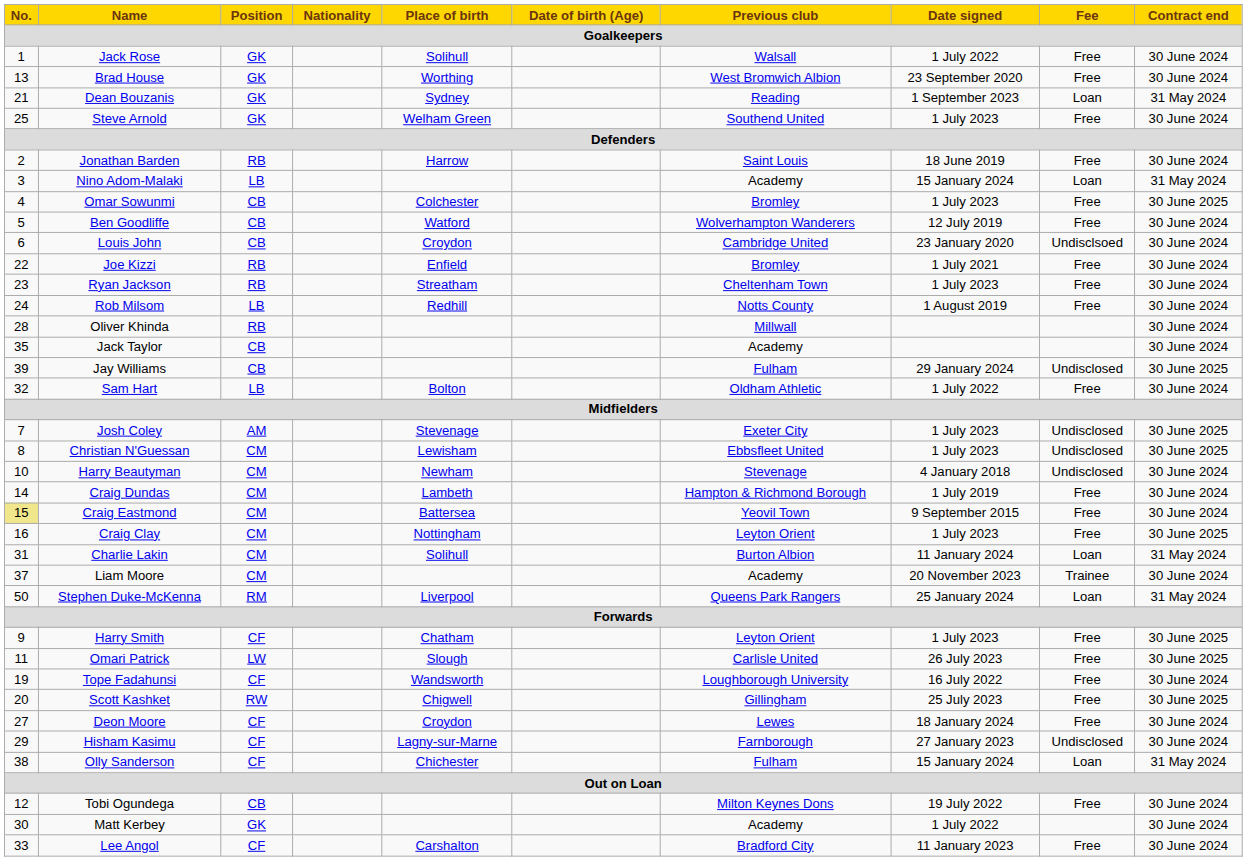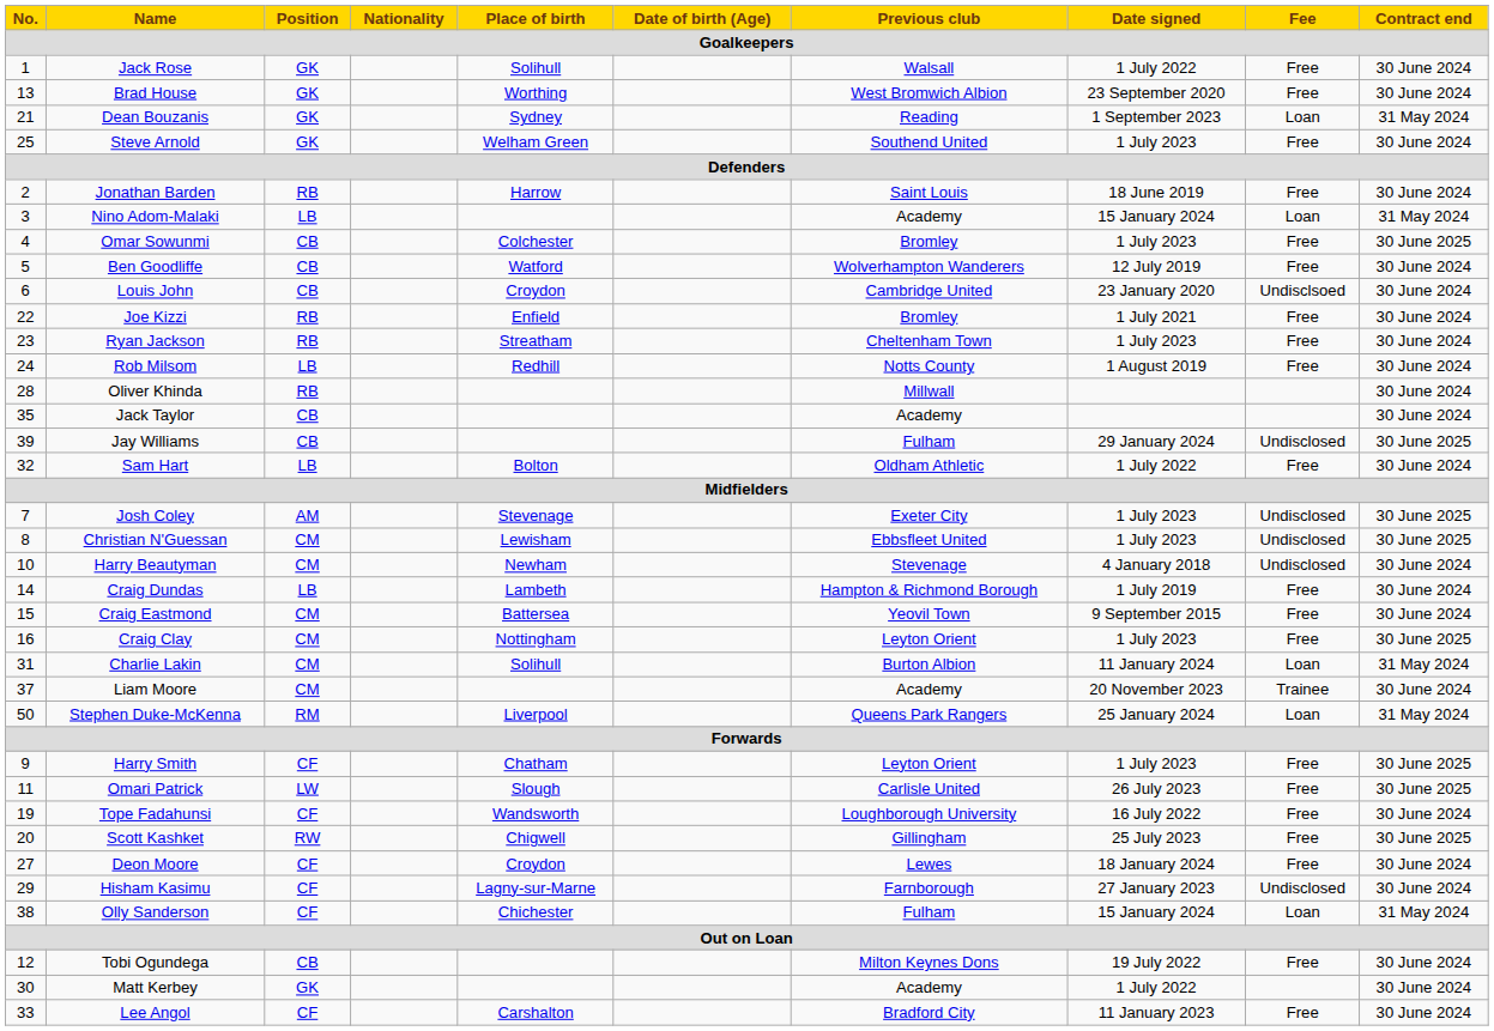 <table class="wikitable" style="text-align:center; font-size:84.5%; width:101%;">
 <tr>
 <th style="background:#FFD700; color:#6A350F; ">No.</th>
 <th style="background:#FFD700; color:#6A350F; ">Name</th>
 <th style="background:#FFD700; color:#6A350F; ">Position</th>
 <th style="background:#FFD700; color:#6A350F; ">Nationality</th>
 <th style="background:#FFD700; color:#6A350F; ">Place of birth</th>
 <th style="background:#FFD700; color:#6A350F; ">Date of birth (Age)</th>
 <th style="background:#FFD700; color:#6A350F; ">Previous club</th>
 <th style="background:#FFD700; color:#6A350F; ">Date signed</th>
 <th style="background:#FFD700; color:#6A350F; ">Fee</th>
 <th style="background:#FFD700; color:#6A350F; ">Contract end</th>
 </tr>
 <tr>
 <th colspan="14" style="background:#dcdcdc; tepxt-align:center;">Goalkeepers</th>
 </tr>
 <tr>
 <td>1</td>
 <td><a href='#'>Jack Rose</a></td>
 <td><a href='#'>GK</a></td>
 <td></td>
 <td><a href='#'>Solihull</a></td>
 <td></td>
 <td><a href='#'>Walsall</a></td>
 <td>1 July 2022</td>
 <td>Free</td>
 <td>30 June 2024</td>
 </tr>
 <tr>
 <td>13</td>
 <td><a href='#'>Brad House</a></td>
 <td><a href='#'>GK</a></td>
 <td></td>
 <td><a href='#'>Worthing</a></td>
 <td></td>
 <td><a href='#'>West Bromwich Albion</a></td>
 <td>23 September 2020</td>
 <td>Free</td>
 <td>30 June 2024</td>
 </tr>
 <tr>
 <td>21</td>
 <td><a href='#'>Dean Bouzanis</a></td>
 <td><a href='#'>GK</a></td>
 <td></td>
 <td><a href='#'>Sydney</a></td>
 <td></td>
 <td><a href='#'>Reading</a></td>
 <td>1 September 2023</td>
 <td>Loan</td>
 <td>31 May 2024</td>
 </tr>
 <tr>
 <td>25</td>
 <td><a href='#'>Steve Arnold</a></td>
 <td><a href='#'>GK</a></td>
 <td></td>
 <td><a href='#'>Welham Green</a></td>
 <td></td>
 <td><a href='#'>Southend United</a></td>
 <td>1 July 2023</td>
 <td>Free</td>
 <td>30 June 2024</td>
 </tr>
 <tr>
 <th colspan="14" style="background:#dcdcdc; tepxt-align:center;">Defenders</th>
 </tr>
 <tr>
 <td>2</td>
 <td><a href='#'>Jonathan Barden</a></td>
 <td><a href='#'>RB</a></td>
 <td></td>
 <td><a href='#'>Harrow</a></td>
 <td></td>
 <td> <a href='#'>Saint Louis</a></td>
 <td>18 June 2019</td>
 <td>Free</td>
 <td>30 June 2024</td>
 </tr>
 <tr>
 <td>3</td>
 <td><a href='#'>Nino Adom-Malaki</a></td>
 <td><a href='#'>LB</a></td>
 <td></td>
 <td></td>
 <td></td>
 <td>Academy</td>
 <td>15 January 2024</td>
 <td>Loan</td>
 <td>31 May 2024</td>
 </tr>
 <tr>
 <td>4</td>
 <td><a href='#'>Omar Sowunmi</a></td>
 <td><a href='#'>CB</a></td>
 <td></td>
 <td><a href='#'>Colchester</a></td>
 <td></td>
 <td><a href='#'>Bromley</a></td>
 <td>1 July 2023</td>
 <td>Free</td>
 <td>30 June 2025</td>
 </tr>
 <tr>
 <td>5</td>
 <td><a href='#'>Ben Goodliffe</a></td>
 <td><a href='#'>CB</a></td>
 <td></td>
 <td><a href='#'>Watford</a></td>
 <td></td>
 <td><a href='#'>Wolverhampton Wanderers</a></td>
 <td>12 July 2019</td>
 <td>Free</td>
 <td>30 June 2024</td>
 </tr>
 <tr>
 <td>6</td>
 <td><a href='#'>Louis John</a></td>
 <td><a href='#'>CB</a></td>
 <td></td>
 <td><a href='#'>Croydon</a></td>
 <td></td>
 <td><a href='#'>Cambridge United</a></td>
 <td>23 January 2020</td>
 <td>Undisclsoed</td>
 <td>30 June 2024</td>
 </tr>
 <tr>
 <td>22</td>
 <td><a href='#'>Joe Kizzi</a></td>
 <td><a href='#'>RB</a></td>
 <td></td>
 <td><a href='#'>Enfield</a></td>
 <td></td>
 <td><a href='#'>Bromley</a></td>
 <td>1 July 2021</td>
 <td>Free</td>
 <td>30 June 2024</td>
 </tr>
 <tr>
 <td>23</td>
 <td><a href='#'>Ryan Jackson</a></td>
 <td><a href='#'>RB</a></td>
 <td></td>
 <td><a href='#'>Streatham</a></td>
 <td></td>
 <td><a href='#'>Cheltenham Town</a></td>
 <td>1 July 2023</td>
 <td>Free</td>
 <td>30 June 2024</td>
 </tr>
 <tr>
 <td>24</td>
 <td><a href='#'>Rob Milsom</a></td>
 <td><a href='#'>LB</a></td>
 <td></td>
 <td><a href='#'>Redhill</a></td>
 <td></td>
 <td><a href='#'>Notts County</a></td>
 <td>1 August 2019</td>
 <td>Free</td>
 <td>30 June 2024</td>
 </tr>
 <tr>
 <td>28</td>
 <td>Oliver Khinda</td>
 <td><a href='#'>RB</a></td>
 <td></td>
 <td></td>
 <td></td>
 <td><a href='#'>Millwall</a></td>
 <td></td>
 <td></td>
 <td>30 June 2024</td>
 </tr>
 <tr>
 <td>35</td>
 <td>Jack Taylor</td>
 <td><a href='#'>CB</a></td>
 <td></td>
 <td></td>
 <td></td>
 <td>Academy</td>
 <td></td>
 <td></td>
 <td>30 June 2024</td>
 </tr>
 <tr>
 <td>39</td>
 <td>Jay Williams</td>
 <td><a href='#'>CB</a></td>
 <td></td>
 <td></td>
 <td></td>
 <td><a href='#'>Fulham</a></td>
 <td>29 January 2024</td>
 <td>Undisclosed</td>
 <td>30 June 2025</td>
 </tr>
 <tr>
 <td>32</td>
 <td><a href='#'>Sam Hart</a></td>
 <td><a href='#'>LB</a></td>
 <td></td>
 <td><a href='#'>Bolton</a></td>
 <td></td>
 <td><a href='#'>Oldham Athletic</a></td>
 <td>1 July 2022</td>
 <td>Free</td>
 <td>30 June 2024</td>
 </tr>
 <tr>
 <th colspan="14" style="background:#dcdcdc; tepxt-align:center;">Midfielders</th>
 </tr>
 <tr>
 <td>7</td>
 <td><a href='#'>Josh Coley</a></td>
 <td><a href='#'>AM</a></td>
 <td></td>
 <td><a href='#'>Stevenage</a></td>
 <td></td>
 <td><a href='#'>Exeter City</a></td>
 <td>1 July 2023</td>
 <td>Undisclosed</td>
 <td>30 June 2025</td>
 </tr>
 <tr>
 <td>8</td>
 <td><a href='#'>Christian N'Guessan</a></td>
 <td><a href='#'>CM</a></td>
 <td></td>
 <td><a href='#'>Lewisham</a></td>
 <td></td>
 <td><a href='#'>Ebbsfleet United</a></td>
 <td>1 July 2023</td>
 <td>Undisclosed</td>
 <td>30 June 2025</td>
 </tr>
 <tr>
 <td>10</td>
 <td><a href='#'>Harry Beautyman</a></td>
 <td><a href='#'>CM</a></td>
 <td></td>
 <td><a href='#'>Newham</a></td>
 <td></td>
 <td><a href='#'>Stevenage</a></td>
 <td>4 January 2018</td>
 <td>Undisclosed</td>
 <td>30 June 2024</td>
 </tr>
 <tr>
 <td>14</td>
 <td><a href='#'>Craig Dundas</a></td>
-<td><a href='#'>CM</a></td>
+<td><a href='#'>LB</a></td>
 <td></td>
 <td><a href='#'>Lambeth</a></td>
 <td></td>
 <td><a href='#'>Hampton & Richmond Borough</a></td>
 <td>1 July 2019</td>
 <td>Free</td>
 <td>30 June 2024</td>
 </tr>
 <tr>
-<td style="background: khaki;">15</td>
+<td>15</td>
 <td><a href='#'>Craig Eastmond</a></td>
 <td><a href='#'>CM</a></td>
 <td></td>
 <td><a href='#'>Battersea</a></td>
 <td></td>
 <td><a href='#'>Yeovil Town</a></td>
 <td>9 September 2015</td>
 <td>Free</td>
 <td>30 June 2024</td>
 </tr>
 <tr>
 <td>16</td>
 <td><a href='#'>Craig Clay</a></td>
 <td><a href='#'>CM</a></td>
 <td></td>
 <td><a href='#'>Nottingham</a></td>
 <td></td>
 <td><a href='#'>Leyton Orient</a></td>
 <td>1 July 2023</td>
 <td>Free</td>
 <td>30 June 2025</td>
 </tr>
 <tr>
 <td>31</td>
 <td><a href='#'>Charlie Lakin</a></td>
 <td><a href='#'>CM</a></td>
 <td></td>
 <td><a href='#'>Solihull</a></td>
 <td></td>
 <td><a href='#'>Burton Albion</a></td>
 <td>11 January 2024</td>
 <td>Loan</td>
 <td>31 May 2024</td>
 </tr>
 <tr>
 <td>37</td>
 <td>Liam Moore</td>
 <td><a href='#'>CM</a></td>
 <td></td>
 <td></td>
 <td></td>
 <td>Academy</td>
 <td>20 November 2023</td>
 <td>Trainee</td>
 <td>30 June 2024</td>
 </tr>
 <tr>
 <td>50</td>
 <td><a href='#'>Stephen Duke-McKenna</a></td>
 <td><a href='#'>RM</a></td>
 <td></td>
 <td> <a href='#'>Liverpool</a></td>
 <td></td>
 <td><a href='#'>Queens Park Rangers</a></td>
 <td>25 January 2024</td>
 <td>Loan</td>
 <td>31 May 2024</td>
 </tr>
 <tr>
 <th colspan="14" style="background:#dcdcdc; tepxt-align:center;">Forwards</th>
 </tr>
 <tr>
 <td>9</td>
 <td><a href='#'>Harry Smith</a></td>
 <td><a href='#'>CF</a></td>
 <td></td>
 <td><a href='#'>Chatham</a></td>
 <td></td>
 <td><a href='#'>Leyton Orient</a></td>
 <td>1 July 2023</td>
 <td>Free</td>
 <td>30 June 2025</td>
 </tr>
 <tr>
 <td>11</td>
 <td><a href='#'>Omari Patrick</a></td>
 <td><a href='#'>LW</a></td>
 <td></td>
 <td><a href='#'>Slough</a></td>
 <td></td>
 <td><a href='#'>Carlisle United</a></td>
 <td>26 July 2023</td>
 <td>Free</td>
 <td>30 June 2025</td>
 </tr>
 <tr>
 <td>19</td>
 <td><a href='#'>Tope Fadahunsi</a></td>
 <td><a href='#'>CF</a></td>
 <td></td>
 <td><a href='#'>Wandsworth</a></td>
 <td></td>
 <td><a href='#'>Loughborough University</a></td>
 <td>16 July 2022</td>
 <td>Free</td>
 <td>30 June 2024</td>
 </tr>
 <tr>
 <td>20</td>
 <td><a href='#'>Scott Kashket</a></td>
 <td><a href='#'>RW</a></td>
 <td></td>
 <td><a href='#'>Chigwell</a></td>
 <td></td>
 <td><a href='#'>Gillingham</a></td>
 <td>25 July 2023</td>
 <td>Free</td>
 <td>30 June 2025</td>
 </tr>
 <tr>
 <td>27</td>
 <td><a href='#'>Deon Moore</a></td>
 <td><a href='#'>CF</a></td>
 <td></td>
 <td> <a href='#'>Croydon</a></td>
 <td></td>
 <td><a href='#'>Lewes</a></td>
 <td>18 January 2024</td>
 <td>Free</td>
 <td>30 June 2024</td>
 </tr>
 <tr>
 <td>29</td>
 <td><a href='#'>Hisham Kasimu</a></td>
 <td><a href='#'>CF</a></td>
 <td></td>
 <td><a href='#'>Lagny-sur-Marne</a></td>
 <td></td>
 <td><a href='#'>Farnborough</a></td>
 <td>27 January 2023</td>
 <td>Undisclosed</td>
 <td>30 June 2024</td>
 </tr>
 <tr>
 <td>38</td>
 <td><a href='#'>Olly Sanderson</a></td>
 <td><a href='#'>CF</a></td>
 <td></td>
 <td><a href='#'>Chichester</a></td>
 <td></td>
 <td><a href='#'>Fulham</a></td>
 <td>15 January 2024</td>
 <td>Loan</td>
 <td>31 May 2024</td>
 </tr>
 <tr>
 <th colspan="14" style="background:#dcdcdc; tepxt-align:center;">Out on Loan</th>
 </tr>
 <tr>
 <td>12</td>
 <td>Tobi Ogundega</td>
 <td><a href='#'>CB</a></td>
 <td></td>
 <td></td>
 <td></td>
 <td><a href='#'>Milton Keynes Dons</a></td>
 <td>19 July 2022</td>
 <td>Free</td>
 <td>30 June 2024</td>
 </tr>
 <tr>
 <td>30</td>
 <td>Matt Kerbey</td>
 <td><a href='#'>GK</a></td>
 <td></td>
 <td></td>
 <td></td>
 <td>Academy</td>
 <td>1 July 2022</td>
 <td></td>
 <td>30 June 2024</td>
 </tr>
 <tr>
 <td>33</td>
 <td><a href='#'>Lee Angol</a></td>
 <td><a href='#'>CF</a></td>
 <td></td>
 <td><a href='#'>Carshalton</a></td>
 <td></td>
 <td><a href='#'>Bradford City</a></td>
 <td>11 January 2023</td>
 <td>Free</td>
 <td>30 June 2024</td>
 </tr>
 </table>
